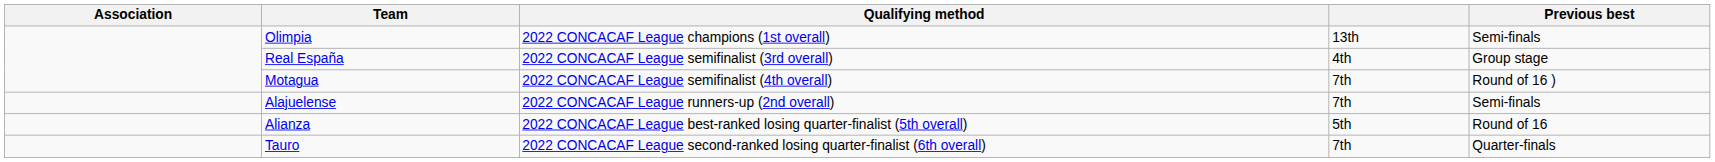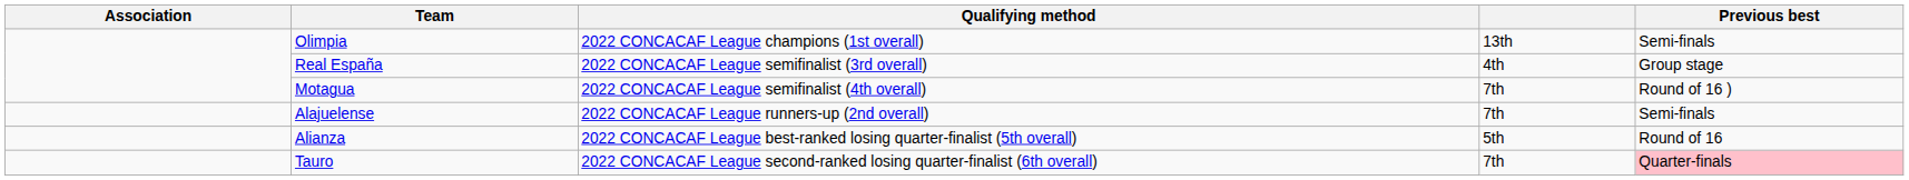 <table class="wikitable" style="table-layout:fixed;width:100%;">
 <tr>
 <th width=15%>Association</th>
 <th width=15%>Team</th>
 <th width=48%>Qualifying method</th>
 <th width=8%> </th>
 <th width=14%>Previous best </th>
 </tr>
 <tr>
 <td rowspan="3"></td>
 <td><a href='#'>Olimpia</a></td>
 <td><a href='#'>2022 CONCACAF League</a> champions (<a href='#'>1st overall</a>)</td>
 <td>13th </td>
 <td>Semi-finals </td>
 </tr>
 <tr>
 <td><a href='#'>Real España</a></td>
 <td><a href='#'>2022 CONCACAF League</a> semifinalist (<a href='#'>3rd overall</a>)</td>
 <td>4th </td>
 <td>Group stage </td>
 </tr>
 <tr>
 <td><a href='#'>Motagua</a></td>
 <td><a href='#'>2022 CONCACAF League</a> semifinalist (<a href='#'>4th overall</a>)</td>
 <td>7th </td>
 <td>Round of 16 )</td>
 </tr>
 <tr>
 <td></td>
 <td><a href='#'>Alajuelense</a></td>
 <td><a href='#'>2022 CONCACAF League</a> runners-up (<a href='#'>2nd overall</a>)</td>
 <td>7th </td>
 <td>Semi-finals </td>
 </tr>
 <tr>
 <td></td>
 <td><a href='#'>Alianza</a></td>
 <td><a href='#'>2022 CONCACAF League</a> best-ranked losing quarter-finalist (<a href='#'>5th overall</a>)</td>
 <td>5th </td>
 <td>Round of 16 </td>
 </tr>
 <tr>
 <td></td>
 <td><a href='#'>Tauro</a></td>
 <td><a href='#'>2022 CONCACAF League</a> second-ranked losing quarter-finalist (<a href='#'>6th overall</a>)</td>
 <td>7th </td>
-<td>Quarter-finals </td>
+<td style="background: pink;">Quarter-finals </td>
 </tr>
 </table>
